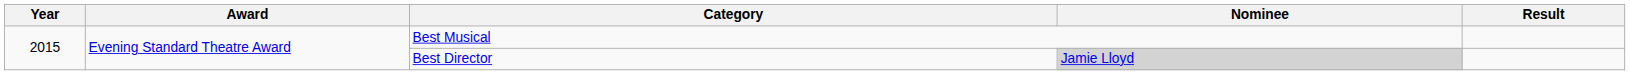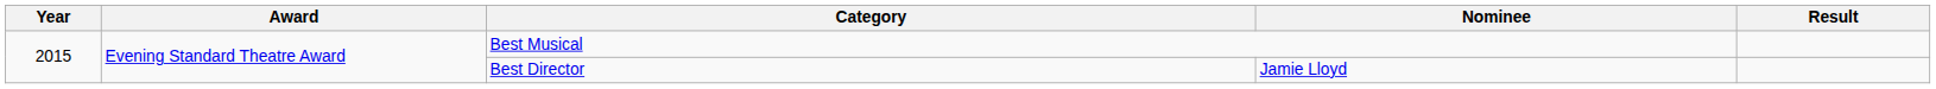 <table class="wikitable" width="95%">
 <tr>
 <th width="5%">Year</th>
 <th width="20%">Award</th>
 <th width="40%">Category</th>
 <th width="25%">Nominee</th>
 <th width="10%">Result</th>
 </tr>
 <tr>
 <td rowspan="2" align="center">2015</td>
 <td rowspan="2"><a href='#'>Evening Standard Theatre Award</a></td>
 <td colspan="2"><a href='#'>Best Musical</a></td>
 <td></td>
 </tr>
 <tr>
 <td><a href='#'>Best Director</a></td>
-<td style="background: lightgrey;"><a href='#'>Jamie Lloyd</a></td>
+<td><a href='#'>Jamie Lloyd</a></td>
 <td></td>
 </tr>
 </table>
